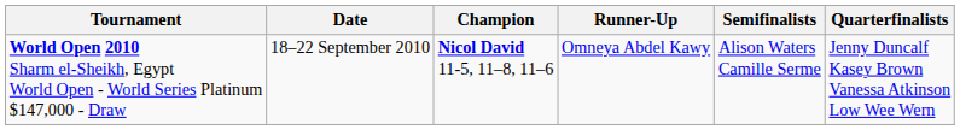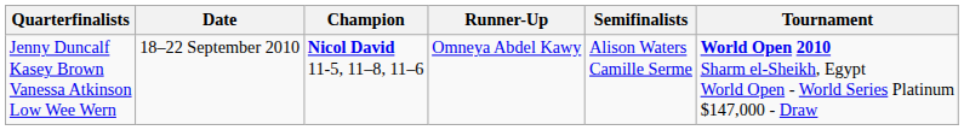 <table class="wikitable" style="font-size:88%">
 <tr>
-<th>Tournament</th>
+<th>Quarterfinalists</th>
 <th>Date</th>
 <th>Champion</th>
 <th>Runner-Up</th>
 <th>Semifinalists</th>
-<th>Quarterfinalists</th>
+<th>Tournament</th>
 </tr>
 <tr valign=top>
-<td><strong><a href='#'>World Open</a> <a href='#'>2010</a></strong><br> <a href='#'>Sharm el-Sheikh</a>, Egypt<br><a href='#'>World Open</a> - <a href='#'>World Series</a> Platinum<br>$147,000 - <a href='#'>Draw</a></td>
+<td> <a href='#'>Jenny Duncalf</a><br> <a href='#'>Kasey Brown</a><br> <a href='#'>Vanessa Atkinson</a><br> <a href='#'>Low Wee Wern</a></td>
 <td>18–22 September 2010</td>
 <td> <strong><a href='#'>Nicol David</a></strong><br>11-5, 11–8, 11–6</td>
 <td> <a href='#'>Omneya Abdel Kawy</a></td>
 <td> <a href='#'>Alison Waters</a><br> <a href='#'>Camille Serme</a></td>
-<td> <a href='#'>Jenny Duncalf</a><br> <a href='#'>Kasey Brown</a><br> <a href='#'>Vanessa Atkinson</a><br> <a href='#'>Low Wee Wern</a></td>
+<td><strong><a href='#'>World Open</a> <a href='#'>2010</a></strong><br> <a href='#'>Sharm el-Sheikh</a>, Egypt<br><a href='#'>World Open</a> - <a href='#'>World Series</a> Platinum<br>$147,000 - <a href='#'>Draw</a></td>
 </tr>
 </table>
